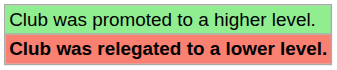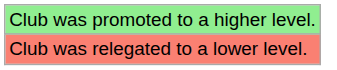 <table class="wikitable" style="font-size:85%">
 <tr>
 <td style="background:lightgreen">Club was promoted to a higher level.</td>
 </tr>
 <tr>
-<td style="background:salmon"><strong>Club was relegated to a lower level.</strong></td>
+<td style="background:salmon">Club was relegated to a lower level.</td>
 </tr>
 </table>
